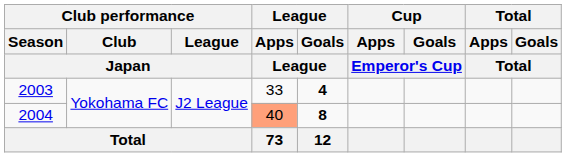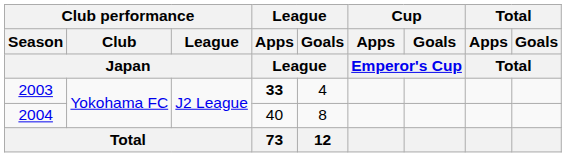 <table class="wikitable" style="text-align:center;">
 <tr>
 <th colspan=3>Club performance</th>
 <th colspan=2>League</th>
 <th colspan=2>Cup</th>
 <th colspan=2>Total</th>
 </tr>
 <tr>
 <th>Season</th>
 <th>Club</th>
 <th>League</th>
 <th>Apps</th>
 <th>Goals</th>
 <th>Apps</th>
 <th>Goals</th>
 <th>Apps</th>
 <th>Goals</th>
 </tr>
 <tr>
 <th colspan=3>Japan</th>
 <th colspan=2>League</th>
 <th colspan=2><a href='#'>Emperor's Cup</a></th>
 <th colspan=2>Total</th>
 </tr>
 <tr>
 <td><a href='#'>2003</a></td>
 <td rowspan="2"><a href='#'>Yokohama FC</a></td>
 <td rowspan="2"><a href='#'>J2 League</a></td>
-<td>33</td>
-<td><strong>4</strong></td>
+<td><strong>33</strong></td>
+<td>4</td>
 <td></td>
 <td></td>
 <td></td>
 <td></td>
 </tr>
 <tr>
 <td><a href='#'>2004</a></td>
-<td style="background: lightsalmon;">40</td>
-<td><strong>8</strong></td>
+<td>40</td>
+<td>8</td>
 <td></td>
 <td></td>
 <td></td>
 <td></td>
 </tr>
 <tr>
 <th colspan=3>Total</th>
 <th>73</th>
 <th>12</th>
 <th></th>
 <th></th>
 <th></th>
 <th></th>
 </tr>
 </table>
